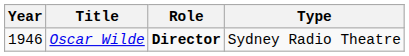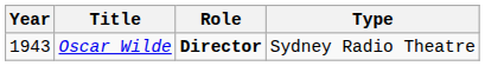 <table class="wikitable">
 <tr>
 <th>Year</th>
 <th>Title</th>
 <th>Role</th>
 <th>Type</th>
 </tr>
 <tr>
-<td>1946</td>
+<td>1943</td>
 <td><em><a href='#'>Oscar Wilde</a></em></td>
 <td><strong>Director</strong></td>
 <td>Sydney Radio Theatre</td>
 </tr>
 </table>
